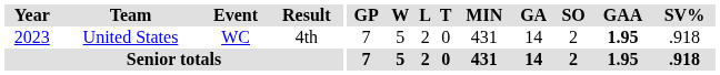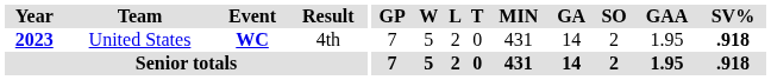 <table border="0" cellpadding="1" cellspacing="0" ID="Table3" style="text-align:center; width:40em;">
 <tr bgcolor="#e0e0e0">
 <th>Year</th>
 <th>Team</th>
 <th>Event</th>
 <th>Result</th>
 <th rowspan="99" bgcolor="#ffffff"></th>
 <th>GP</th>
 <th>W</th>
 <th>L</th>
 <th>T</th>
 <th>MIN</th>
 <th>GA</th>
 <th>SO</th>
 <th>GAA</th>
 <th>SV%</th>
 </tr>
 <tr>
-<td><a href='#'>2023</a></td>
+<td><strong><a href='#'>2023</a></strong></td>
 <td><a href='#'>United States</a></td>
-<td><a href='#'>WC</a></td>
+<td><strong><a href='#'>WC</a></strong></td>
 <td>4th</td>
 <td>7</td>
 <td>5</td>
 <td>2</td>
 <td>0</td>
 <td>431</td>
 <td>14</td>
 <td>2</td>
-<td><strong>1.95</strong></td>
-<td>.918</td>
+<td>1.95</td>
+<td><strong>.918</strong></td>
 </tr>
 <tr bgcolor="#e0e0e0">
 <th colspan="4">Senior totals</th>
 <th>7</th>
 <th>5</th>
 <th>2</th>
 <th>0</th>
 <th>431</th>
 <th>14</th>
 <th>2</th>
 <th>1.95</th>
 <th>.918</th>
 </tr>
 </table>
